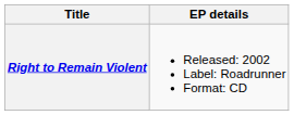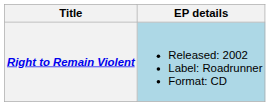 <table class="wikitable plainrowheaders">
 <tr>
 <th>Title</th>
 <th>EP details</th>
 </tr>
 <tr>
 <th scope="row"><em><a href='#'>Right to Remain Violent</a></em></th>
-<td><br><ul><li>Released: 2002</li><li>Label: Roadrunner</li><li>Format: CD</li></ul></td>
+<td style="background: lightblue;"><br><ul><li>Released: 2002</li><li>Label: Roadrunner</li><li>Format: CD</li></ul></td>
 </tr>
 </table>
